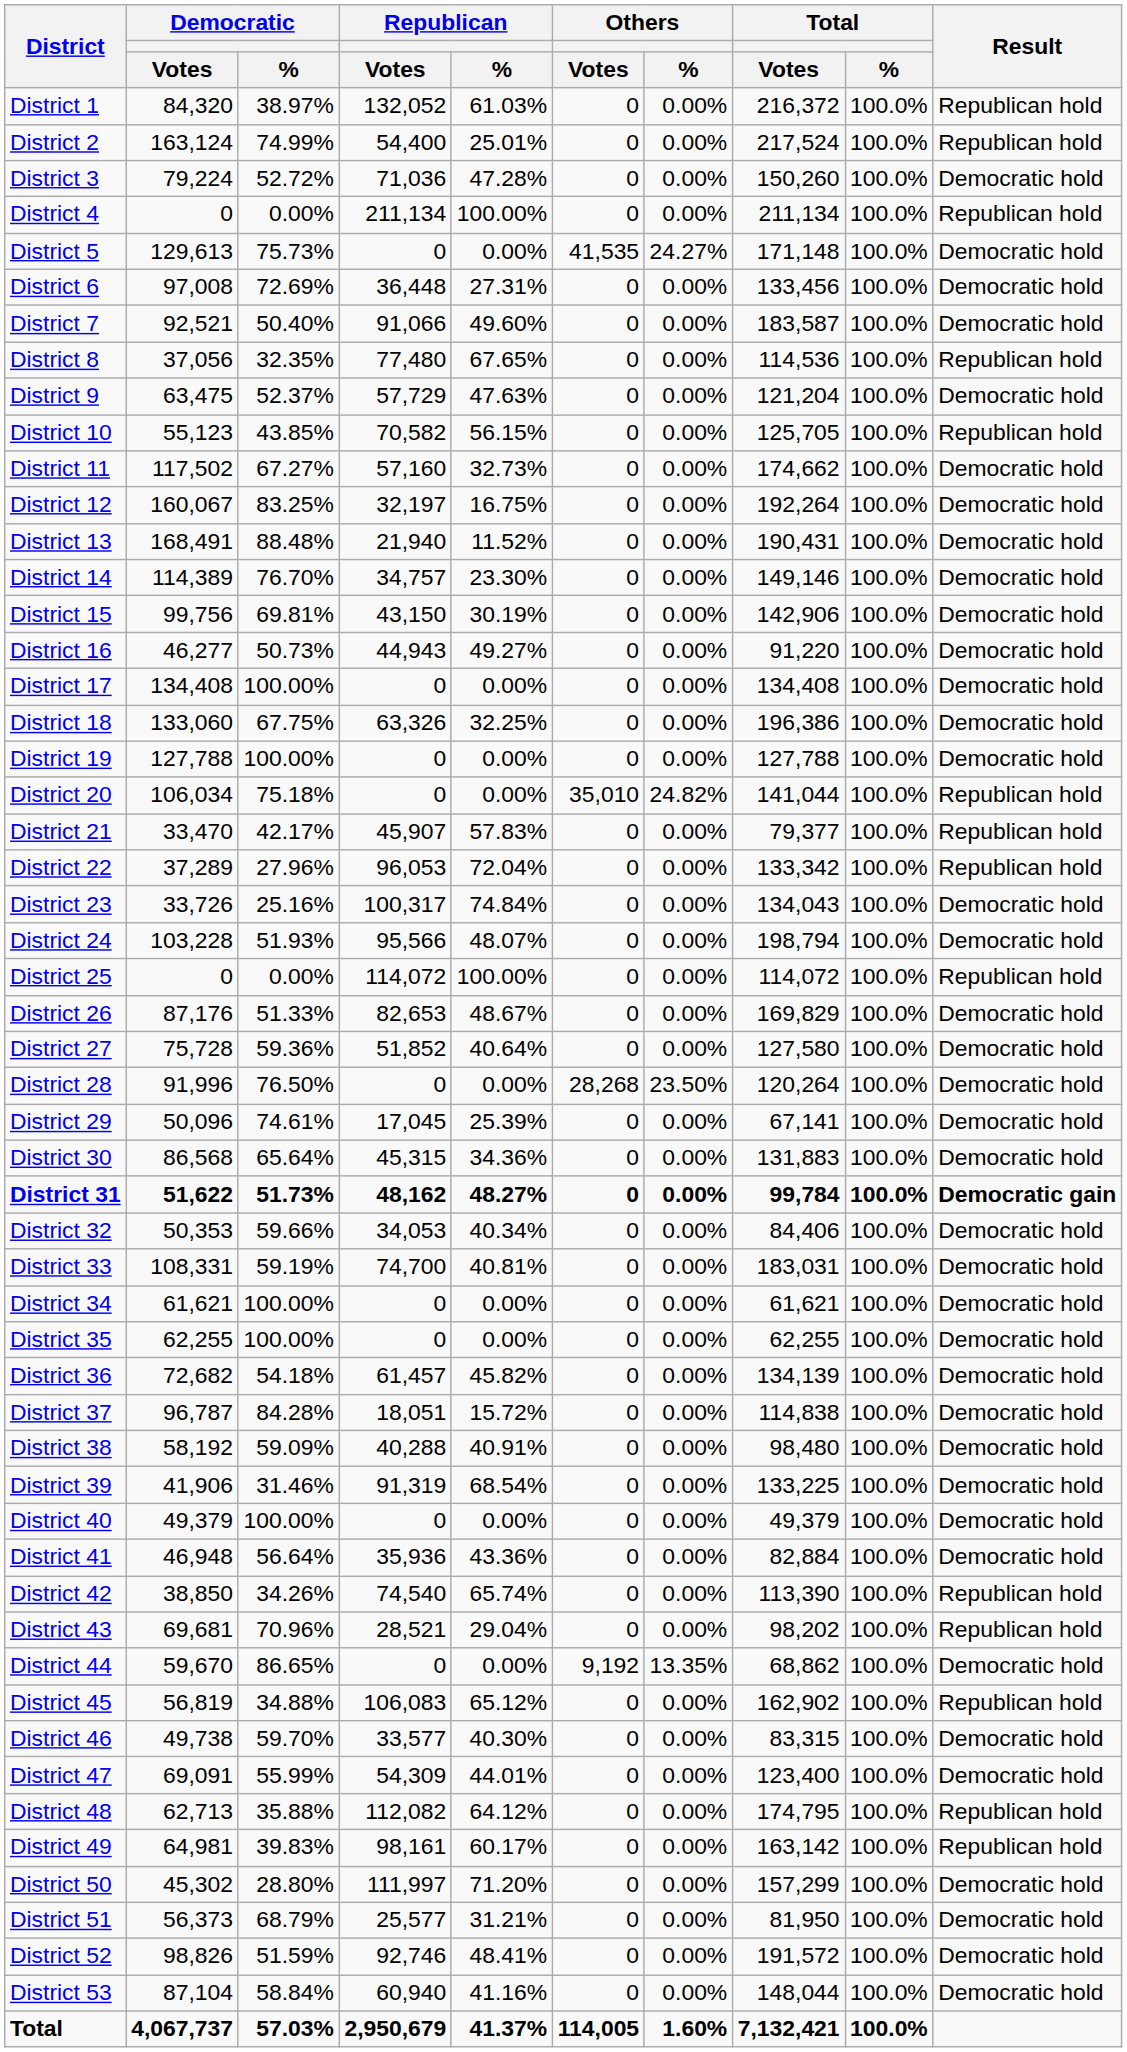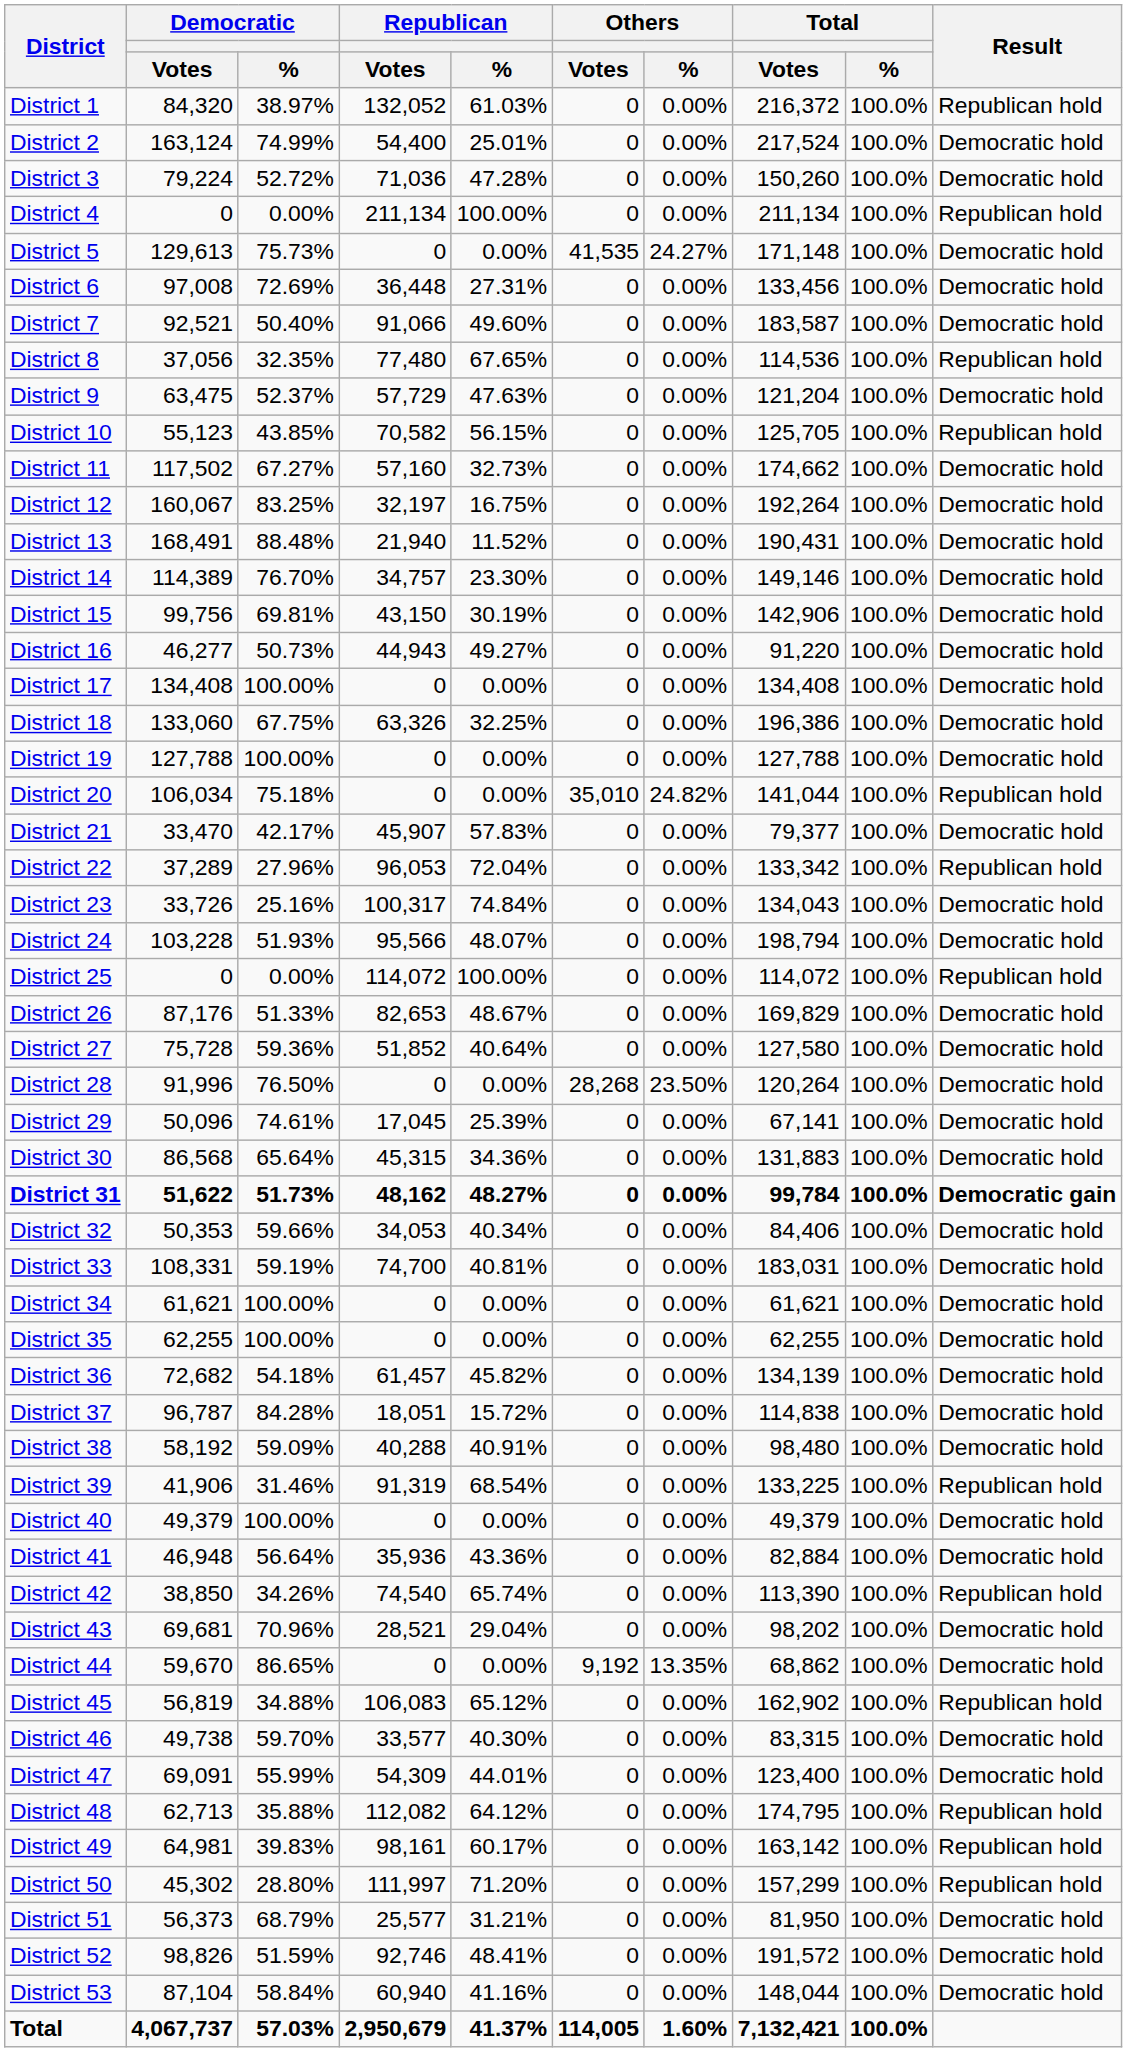 <table class="wikitable plainrowheaders sortable" style="font-size:100%; text-align:right;">
 <tr>
 <th scope=col rowspan=3><a href='#'>District</a></th>
 <th scope=col colspan=2><a href='#'>Democratic</a></th>
 <th scope=col colspan=2><a href='#'>Republican</a></th>
 <th scope=col colspan=2>Others</th>
 <th scope=col colspan=2>Total</th>
 <th scope=col rowspan=3>Result</th>
 </tr>
 <tr>
 <th scope=col colspan=2 style="background:"></th>
 <th scope=col colspan=2 style="background:"></th>
 <th ! scope=col colspan=2></th>
 <th scope=col colspan=2></th>
 </tr>
 <tr>
 <th scope=col data-sort-type="number">Votes</th>
 <th scope=col data-sort-type="number">%</th>
 <th scope=col data-sort-type="number">Votes</th>
 <th scope=col data-sort-type="number">%</th>
 <th scope=col data-sort-type="number">Votes</th>
 <th scope=col data-sort-type="number">%</th>
 <th scope=col data-sort-type="number">Votes</th>
 <th scope=col data-sort-type="number">%</th>
 </tr>
 <tr>
 <td align=left><a href='#'>District 1</a></td>
 <td>84,320</td>
 <td>38.97%</td>
 <td>132,052</td>
 <td>61.03%</td>
 <td>0</td>
 <td>0.00%</td>
 <td>216,372</td>
 <td>100.0%</td>
 <td align=left>Republican hold</td>
 </tr>
 <tr>
 <td align=left><a href='#'>District 2</a></td>
 <td>163,124</td>
 <td>74.99%</td>
 <td>54,400</td>
 <td>25.01%</td>
 <td>0</td>
 <td>0.00%</td>
 <td>217,524</td>
 <td>100.0%</td>
-<td align=left>Republican hold</td>
+<td align=left>Democratic hold</td>
 </tr>
 <tr>
 <td align=left><a href='#'>District 3</a></td>
 <td>79,224</td>
 <td>52.72%</td>
 <td>71,036</td>
 <td>47.28%</td>
 <td>0</td>
 <td>0.00%</td>
 <td>150,260</td>
 <td>100.0%</td>
 <td align=left>Democratic hold</td>
 </tr>
 <tr>
 <td align=left><a href='#'>District 4</a></td>
 <td>0</td>
 <td>0.00%</td>
 <td>211,134</td>
 <td>100.00%</td>
 <td>0</td>
 <td>0.00%</td>
 <td>211,134</td>
 <td>100.0%</td>
 <td align=left>Republican hold</td>
 </tr>
 <tr>
 <td align=left><a href='#'>District 5</a></td>
 <td>129,613</td>
 <td>75.73%</td>
 <td>0</td>
 <td>0.00%</td>
 <td>41,535</td>
 <td>24.27%</td>
 <td>171,148</td>
 <td>100.0%</td>
 <td align=left>Democratic hold</td>
 </tr>
 <tr>
 <td align=left><a href='#'>District 6</a></td>
 <td>97,008</td>
 <td>72.69%</td>
 <td>36,448</td>
 <td>27.31%</td>
 <td>0</td>
 <td>0.00%</td>
 <td>133,456</td>
 <td>100.0%</td>
 <td align=left>Democratic hold</td>
 </tr>
 <tr>
 <td align=left><a href='#'>District 7</a></td>
 <td>92,521</td>
 <td>50.40%</td>
 <td>91,066</td>
 <td>49.60%</td>
 <td>0</td>
 <td>0.00%</td>
 <td>183,587</td>
 <td>100.0%</td>
 <td align=left>Democratic hold</td>
 </tr>
 <tr>
 <td align=left><a href='#'>District 8</a></td>
 <td>37,056</td>
 <td>32.35%</td>
 <td>77,480</td>
 <td>67.65%</td>
 <td>0</td>
 <td>0.00%</td>
 <td>114,536</td>
 <td>100.0%</td>
 <td align=left>Republican hold</td>
 </tr>
 <tr>
 <td align=left><a href='#'>District 9</a></td>
 <td>63,475</td>
 <td>52.37%</td>
 <td>57,729</td>
 <td>47.63%</td>
 <td>0</td>
 <td>0.00%</td>
 <td>121,204</td>
 <td>100.0%</td>
 <td align=left>Democratic hold</td>
 </tr>
 <tr>
 <td align=left><a href='#'>District 10</a></td>
 <td>55,123</td>
 <td>43.85%</td>
 <td>70,582</td>
 <td>56.15%</td>
 <td>0</td>
 <td>0.00%</td>
 <td>125,705</td>
 <td>100.0%</td>
 <td align=left>Republican hold</td>
 </tr>
 <tr>
 <td align=left><a href='#'>District 11</a></td>
 <td>117,502</td>
 <td>67.27%</td>
 <td>57,160</td>
 <td>32.73%</td>
 <td>0</td>
 <td>0.00%</td>
 <td>174,662</td>
 <td>100.0%</td>
 <td align=left>Democratic hold</td>
 </tr>
 <tr>
 <td align=left><a href='#'>District 12</a></td>
 <td>160,067</td>
 <td>83.25%</td>
 <td>32,197</td>
 <td>16.75%</td>
 <td>0</td>
 <td>0.00%</td>
 <td>192,264</td>
 <td>100.0%</td>
 <td align=left>Democratic hold</td>
 </tr>
 <tr>
 <td align=left><a href='#'>District 13</a></td>
 <td>168,491</td>
 <td>88.48%</td>
 <td>21,940</td>
 <td>11.52%</td>
 <td>0</td>
 <td>0.00%</td>
 <td>190,431</td>
 <td>100.0%</td>
 <td align=left>Democratic hold</td>
 </tr>
 <tr>
 <td align=left><a href='#'>District 14</a></td>
 <td>114,389</td>
 <td>76.70%</td>
 <td>34,757</td>
 <td>23.30%</td>
 <td>0</td>
 <td>0.00%</td>
 <td>149,146</td>
 <td>100.0%</td>
 <td align=left>Democratic hold</td>
 </tr>
 <tr>
 <td align=left><a href='#'>District 15</a></td>
 <td>99,756</td>
 <td>69.81%</td>
 <td>43,150</td>
 <td>30.19%</td>
 <td>0</td>
 <td>0.00%</td>
 <td>142,906</td>
 <td>100.0%</td>
 <td align=left>Democratic hold</td>
 </tr>
 <tr>
 <td align=left><a href='#'>District 16</a></td>
 <td>46,277</td>
 <td>50.73%</td>
 <td>44,943</td>
 <td>49.27%</td>
 <td>0</td>
 <td>0.00%</td>
 <td>91,220</td>
 <td>100.0%</td>
 <td align=left>Democratic hold</td>
 </tr>
 <tr>
 <td align=left><a href='#'>District 17</a></td>
 <td>134,408</td>
 <td>100.00%</td>
 <td>0</td>
 <td>0.00%</td>
 <td>0</td>
 <td>0.00%</td>
 <td>134,408</td>
 <td>100.0%</td>
 <td align=left>Democratic hold</td>
 </tr>
 <tr>
 <td align=left><a href='#'>District 18</a></td>
 <td>133,060</td>
 <td>67.75%</td>
 <td>63,326</td>
 <td>32.25%</td>
 <td>0</td>
 <td>0.00%</td>
 <td>196,386</td>
 <td>100.0%</td>
 <td align=left>Democratic hold</td>
 </tr>
 <tr>
 <td align=left><a href='#'>District 19</a></td>
 <td>127,788</td>
 <td>100.00%</td>
 <td>0</td>
 <td>0.00%</td>
 <td>0</td>
 <td>0.00%</td>
 <td>127,788</td>
 <td>100.0%</td>
 <td align=left>Democratic hold</td>
 </tr>
 <tr>
 <td align=left><a href='#'>District 20</a></td>
 <td>106,034</td>
 <td>75.18%</td>
 <td>0</td>
 <td>0.00%</td>
 <td>35,010</td>
 <td>24.82%</td>
 <td>141,044</td>
 <td>100.0%</td>
 <td align=left>Republican hold</td>
 </tr>
 <tr>
 <td align=left><a href='#'>District 21</a></td>
 <td>33,470</td>
 <td>42.17%</td>
 <td>45,907</td>
 <td>57.83%</td>
 <td>0</td>
 <td>0.00%</td>
 <td>79,377</td>
 <td>100.0%</td>
-<td align=left>Republican hold</td>
+<td align=left>Democratic hold</td>
 </tr>
 <tr>
 <td align=left><a href='#'>District 22</a></td>
 <td>37,289</td>
 <td>27.96%</td>
 <td>96,053</td>
 <td>72.04%</td>
 <td>0</td>
 <td>0.00%</td>
 <td>133,342</td>
 <td>100.0%</td>
 <td align=left>Republican hold</td>
 </tr>
 <tr>
 <td align=left><a href='#'>District 23</a></td>
 <td>33,726</td>
 <td>25.16%</td>
 <td>100,317</td>
 <td>74.84%</td>
 <td>0</td>
 <td>0.00%</td>
 <td>134,043</td>
 <td>100.0%</td>
 <td align=left>Democratic hold</td>
 </tr>
 <tr>
 <td align=left><a href='#'>District 24</a></td>
 <td>103,228</td>
 <td>51.93%</td>
 <td>95,566</td>
 <td>48.07%</td>
 <td>0</td>
 <td>0.00%</td>
 <td>198,794</td>
 <td>100.0%</td>
 <td align=left>Democratic hold</td>
 </tr>
 <tr>
 <td align=left><a href='#'>District 25</a></td>
 <td>0</td>
 <td>0.00%</td>
 <td>114,072</td>
 <td>100.00%</td>
 <td>0</td>
 <td>0.00%</td>
 <td>114,072</td>
 <td>100.0%</td>
 <td align=left>Republican hold</td>
 </tr>
 <tr>
 <td align=left><a href='#'>District 26</a></td>
 <td>87,176</td>
 <td>51.33%</td>
 <td>82,653</td>
 <td>48.67%</td>
 <td>0</td>
 <td>0.00%</td>
 <td>169,829</td>
 <td>100.0%</td>
 <td align=left>Democratic hold</td>
 </tr>
 <tr>
 <td align=left><a href='#'>District 27</a></td>
 <td>75,728</td>
 <td>59.36%</td>
 <td>51,852</td>
 <td>40.64%</td>
 <td>0</td>
 <td>0.00%</td>
 <td>127,580</td>
 <td>100.0%</td>
 <td align=left>Democratic hold</td>
 </tr>
 <tr>
 <td align=left><a href='#'>District 28</a></td>
 <td>91,996</td>
 <td>76.50%</td>
 <td>0</td>
 <td>0.00%</td>
 <td>28,268</td>
 <td>23.50%</td>
 <td>120,264</td>
 <td>100.0%</td>
 <td align=left>Democratic hold</td>
 </tr>
 <tr>
 <td align=left><a href='#'>District 29</a></td>
 <td>50,096</td>
 <td>74.61%</td>
 <td>17,045</td>
 <td>25.39%</td>
 <td>0</td>
 <td>0.00%</td>
 <td>67,141</td>
 <td>100.0%</td>
 <td align=left>Democratic hold</td>
 </tr>
 <tr>
 <td align=left><a href='#'>District 30</a></td>
 <td>86,568</td>
 <td>65.64%</td>
 <td>45,315</td>
 <td>34.36%</td>
 <td>0</td>
 <td>0.00%</td>
 <td>131,883</td>
 <td>100.0%</td>
 <td align=left>Democratic hold</td>
 </tr>
 <tr>
 <td align=left><strong><a href='#'>District 31</a></strong></td>
 <td><strong>51,622</strong></td>
 <td><strong>51.73%</strong></td>
 <td><strong>48,162</strong></td>
 <td><strong>48.27%</strong></td>
 <td><strong>0</strong></td>
 <td><strong>0.00%</strong></td>
 <td><strong>99,784</strong></td>
 <td><strong>100.0%</strong></td>
 <td align=left><strong>Democratic gain</strong></td>
 </tr>
 <tr>
 <td align=left><a href='#'>District 32</a></td>
 <td>50,353</td>
 <td>59.66%</td>
 <td>34,053</td>
 <td>40.34%</td>
 <td>0</td>
 <td>0.00%</td>
 <td>84,406</td>
 <td>100.0%</td>
 <td align=left>Democratic hold</td>
 </tr>
 <tr>
 <td align=left><a href='#'>District 33</a></td>
 <td>108,331</td>
 <td>59.19%</td>
 <td>74,700</td>
 <td>40.81%</td>
 <td>0</td>
 <td>0.00%</td>
 <td>183,031</td>
 <td>100.0%</td>
 <td align=left>Democratic hold</td>
 </tr>
 <tr>
 <td align=left><a href='#'>District 34</a></td>
 <td>61,621</td>
 <td>100.00%</td>
 <td>0</td>
 <td>0.00%</td>
 <td>0</td>
 <td>0.00%</td>
 <td>61,621</td>
 <td>100.0%</td>
 <td align=left>Democratic hold</td>
 </tr>
 <tr>
 <td align=left><a href='#'>District 35</a></td>
 <td>62,255</td>
 <td>100.00%</td>
 <td>0</td>
 <td>0.00%</td>
 <td>0</td>
 <td>0.00%</td>
 <td>62,255</td>
 <td>100.0%</td>
 <td align=left>Democratic hold</td>
 </tr>
 <tr>
 <td align=left><a href='#'>District 36</a></td>
 <td>72,682</td>
 <td>54.18%</td>
 <td>61,457</td>
 <td>45.82%</td>
 <td>0</td>
 <td>0.00%</td>
 <td>134,139</td>
 <td>100.0%</td>
 <td align=left>Democratic hold</td>
 </tr>
 <tr>
 <td align=left><a href='#'>District 37</a></td>
 <td>96,787</td>
 <td>84.28%</td>
 <td>18,051</td>
 <td>15.72%</td>
 <td>0</td>
 <td>0.00%</td>
 <td>114,838</td>
 <td>100.0%</td>
 <td align=left>Democratic hold</td>
 </tr>
 <tr>
 <td align=left><a href='#'>District 38</a></td>
 <td>58,192</td>
 <td>59.09%</td>
 <td>40,288</td>
 <td>40.91%</td>
 <td>0</td>
 <td>0.00%</td>
 <td>98,480</td>
 <td>100.0%</td>
 <td align=left>Democratic hold</td>
 </tr>
 <tr>
 <td align=left><a href='#'>District 39</a></td>
 <td>41,906</td>
 <td>31.46%</td>
 <td>91,319</td>
 <td>68.54%</td>
 <td>0</td>
 <td>0.00%</td>
 <td>133,225</td>
 <td>100.0%</td>
-<td align=left>Democratic hold</td>
+<td align=left>Republican hold</td>
 </tr>
 <tr>
 <td align=left><a href='#'>District 40</a></td>
 <td>49,379</td>
 <td>100.00%</td>
 <td>0</td>
 <td>0.00%</td>
 <td>0</td>
 <td>0.00%</td>
 <td>49,379</td>
 <td>100.0%</td>
 <td align=left>Democratic hold</td>
 </tr>
 <tr>
 <td align=left><a href='#'>District 41</a></td>
 <td>46,948</td>
 <td>56.64%</td>
 <td>35,936</td>
 <td>43.36%</td>
 <td>0</td>
 <td>0.00%</td>
 <td>82,884</td>
 <td>100.0%</td>
 <td align=left>Democratic hold</td>
 </tr>
 <tr>
 <td align=left><a href='#'>District 42</a></td>
 <td>38,850</td>
 <td>34.26%</td>
 <td>74,540</td>
 <td>65.74%</td>
 <td>0</td>
 <td>0.00%</td>
 <td>113,390</td>
 <td>100.0%</td>
 <td align=left>Republican hold</td>
 </tr>
 <tr>
 <td align=left><a href='#'>District 43</a></td>
 <td>69,681</td>
 <td>70.96%</td>
 <td>28,521</td>
 <td>29.04%</td>
 <td>0</td>
 <td>0.00%</td>
 <td>98,202</td>
 <td>100.0%</td>
-<td align=left>Republican hold</td>
+<td align=left>Democratic hold</td>
 </tr>
 <tr>
 <td align=left><a href='#'>District 44</a></td>
 <td>59,670</td>
 <td>86.65%</td>
 <td>0</td>
 <td>0.00%</td>
 <td>9,192</td>
 <td>13.35%</td>
 <td>68,862</td>
 <td>100.0%</td>
 <td align=left>Democratic hold</td>
 </tr>
 <tr>
 <td align=left><a href='#'>District 45</a></td>
 <td>56,819</td>
 <td>34.88%</td>
 <td>106,083</td>
 <td>65.12%</td>
 <td>0</td>
 <td>0.00%</td>
 <td>162,902</td>
 <td>100.0%</td>
 <td align=left>Republican hold</td>
 </tr>
 <tr>
 <td align=left><a href='#'>District 46</a></td>
 <td>49,738</td>
 <td>59.70%</td>
 <td>33,577</td>
 <td>40.30%</td>
 <td>0</td>
 <td>0.00%</td>
 <td>83,315</td>
 <td>100.0%</td>
 <td align=left>Democratic hold</td>
 </tr>
 <tr>
 <td align=left><a href='#'>District 47</a></td>
 <td>69,091</td>
 <td>55.99%</td>
 <td>54,309</td>
 <td>44.01%</td>
 <td>0</td>
 <td>0.00%</td>
 <td>123,400</td>
 <td>100.0%</td>
 <td align=left>Democratic hold</td>
 </tr>
 <tr>
 <td align=left><a href='#'>District 48</a></td>
 <td>62,713</td>
 <td>35.88%</td>
 <td>112,082</td>
 <td>64.12%</td>
 <td>0</td>
 <td>0.00%</td>
 <td>174,795</td>
 <td>100.0%</td>
 <td align=left>Republican hold</td>
 </tr>
 <tr>
 <td align=left><a href='#'>District 49</a></td>
 <td>64,981</td>
 <td>39.83%</td>
 <td>98,161</td>
 <td>60.17%</td>
 <td>0</td>
 <td>0.00%</td>
 <td>163,142</td>
 <td>100.0%</td>
 <td align=left>Republican hold</td>
 </tr>
 <tr>
 <td align=left><a href='#'>District 50</a></td>
 <td>45,302</td>
 <td>28.80%</td>
 <td>111,997</td>
 <td>71.20%</td>
 <td>0</td>
 <td>0.00%</td>
 <td>157,299</td>
 <td>100.0%</td>
-<td align=left>Democratic hold</td>
+<td align=left>Republican hold</td>
 </tr>
 <tr>
 <td align=left><a href='#'>District 51</a></td>
 <td>56,373</td>
 <td>68.79%</td>
 <td>25,577</td>
 <td>31.21%</td>
 <td>0</td>
 <td>0.00%</td>
 <td>81,950</td>
 <td>100.0%</td>
 <td align=left>Democratic hold</td>
 </tr>
 <tr>
 <td align=left><a href='#'>District 52</a></td>
 <td>98,826</td>
 <td>51.59%</td>
 <td>92,746</td>
 <td>48.41%</td>
 <td>0</td>
 <td>0.00%</td>
 <td>191,572</td>
 <td>100.0%</td>
 <td align=left>Democratic hold</td>
 </tr>
 <tr>
 <td align=left><a href='#'>District 53</a></td>
 <td>87,104</td>
 <td>58.84%</td>
 <td>60,940</td>
 <td>41.16%</td>
 <td>0</td>
 <td>0.00%</td>
 <td>148,044</td>
 <td>100.0%</td>
 <td align=left>Democratic hold</td>
 </tr>
 <tr class="sortbottom" style="font-weight:bold">
 <td align=left>Total</td>
 <td>4,067,737</td>
 <td>57.03%</td>
 <td>2,950,679</td>
 <td>41.37%</td>
 <td>114,005</td>
 <td>1.60%</td>
 <td>7,132,421</td>
 <td>100.0%</td>
 <td></td>
 </tr>
 </table>
